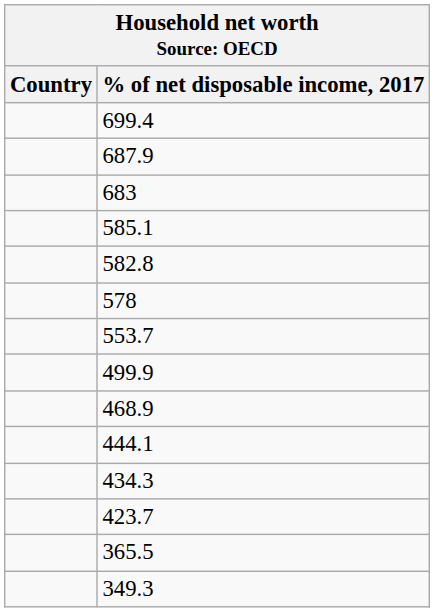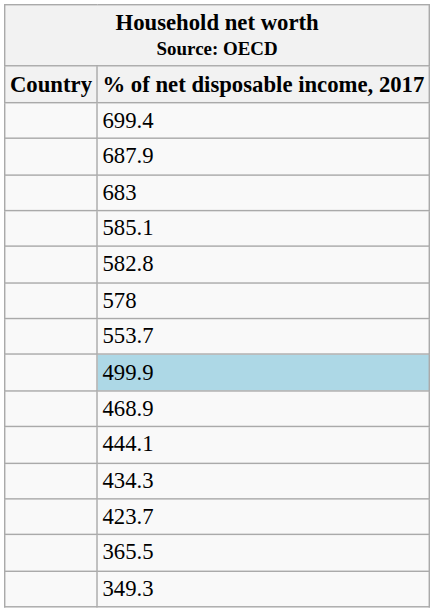 <table class="wikitable sortable">
 <tr>
 <th colspan=3>Household net worth<br><small>Source: OECD</small></th>
 </tr>
 <tr>
 <th>Country</th>
 <th>% of net disposable income, 2017</th>
 </tr>
 <tr>
 <td align=left></td>
 <td>699.4</td>
 </tr>
 <tr>
 <td align=left></td>
 <td>687.9</td>
 </tr>
 <tr>
 <td align=left></td>
 <td>683</td>
 </tr>
 <tr>
 <td align=left></td>
 <td>585.1</td>
 </tr>
 <tr>
 <td align=left></td>
 <td>582.8</td>
 </tr>
 <tr>
 <td align=left></td>
 <td>578</td>
 </tr>
 <tr>
 <td align=left></td>
 <td>553.7</td>
 </tr>
 <tr>
 <td align=left></td>
-<td>499.9</td>
+<td style="background: lightblue;">499.9</td>
 </tr>
 <tr>
 <td align=left></td>
 <td>468.9</td>
 </tr>
 <tr>
 <td align=left></td>
 <td>444.1</td>
 </tr>
 <tr>
 <td align=left></td>
 <td>434.3</td>
 </tr>
 <tr>
 <td align=left></td>
 <td>423.7</td>
 </tr>
 <tr>
 <td align=left></td>
 <td>365.5</td>
 </tr>
 <tr>
 <td align=left></td>
 <td>349.3</td>
 </tr>
 </table>
